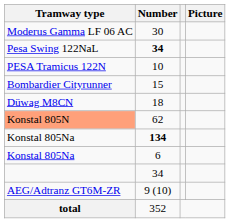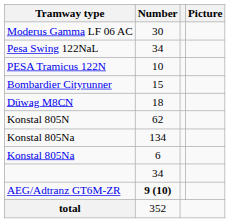 <table class="wikitable" style="text-align:center">
 <tr>
 <th><strong>Tramway type</strong></th>
 <th><strong>Number</strong></th>
 <th></th>
 <th><strong>Picture</strong></th>
 </tr>
 <tr>
 <td align="left"><a href='#'>Moderus Gamma</a> LF 06 AC</td>
 <td>30</td>
 <td></td>
 <td></td>
 </tr>
 <tr>
 <td align="left"><a href='#'>Pesa Swing</a> 122NaL</td>
-<td><strong>34</strong></td>
+<td>34</td>
 <td></td>
 <td></td>
 </tr>
 <tr>
 <td align="left"><a href='#'>PESA Tramicus 122N</a></td>
 <td>10</td>
 <td></td>
 <td></td>
 </tr>
 <tr>
 <td align="left"><a href='#'>Bombardier Cityrunner</a></td>
 <td>15</td>
 <td></td>
 <td></td>
 </tr>
 <tr>
 <td align="left"><a href='#'>Düwag M8CN</a></td>
 <td>18</td>
 <td></td>
 <td></td>
 </tr>
 <tr>
-<td align="left" style="background: lightsalmon;">Konstal 805N</td>
+<td align="left">Konstal 805N</td>
 <td>62</td>
 <td></td>
 <td></td>
 </tr>
 <tr>
 <td align="left">Konstal 805Na </td>
-<td><strong>134</strong></td>
+<td>134</td>
 <td></td>
 <td></td>
 </tr>
 <tr>
 <td align="left"><a href='#'>Konstal 805Na</a></td>
 <td>6</td>
 <td></td>
 <td></td>
 </tr>
 <tr>
 <td align="left"></td>
 <td>34</td>
 <td></td>
 <td></td>
 </tr>
 <tr>
 <td align="left"><a href='#'>AEG/Adtranz GT6M-ZR</a></td>
-<td>9 (10)</td>
+<td><strong>9 (10)</strong></td>
 <td></td>
 <td></td>
 </tr>
 <tr>
 <th><strong>total</strong></th>
 <td>352</td>
 </tr>
 </table>
